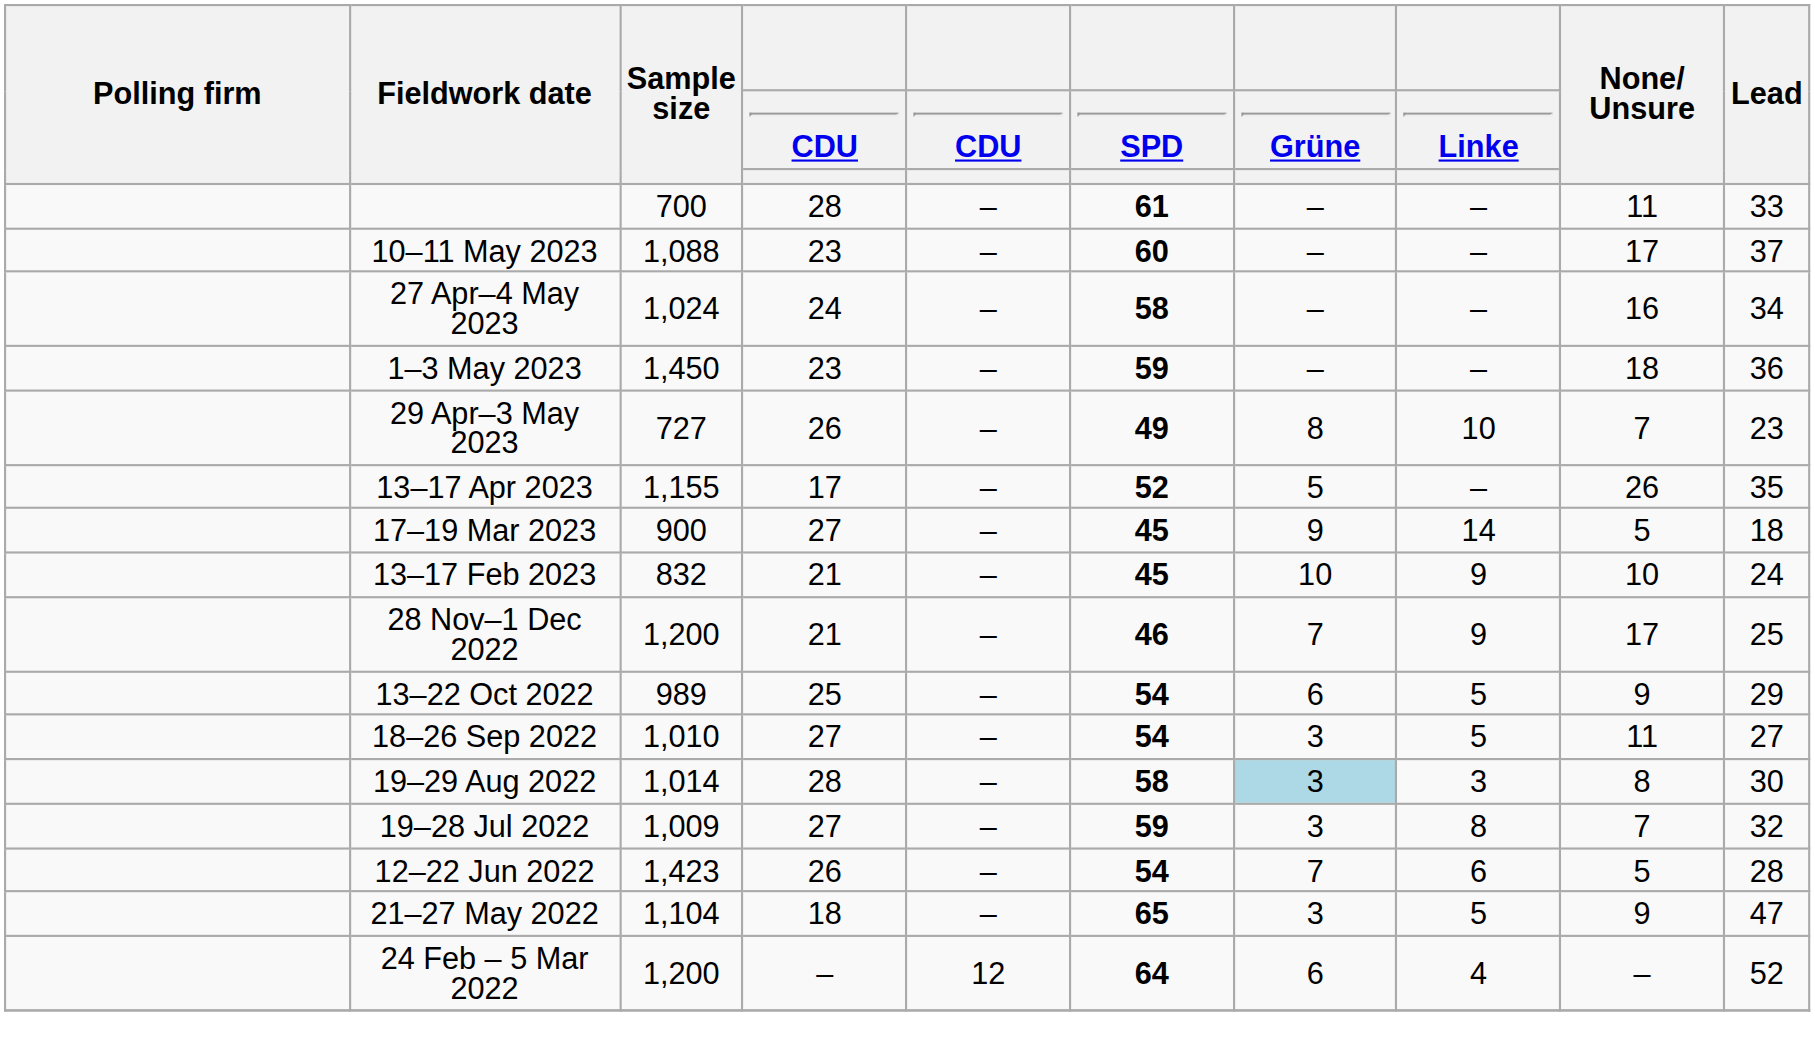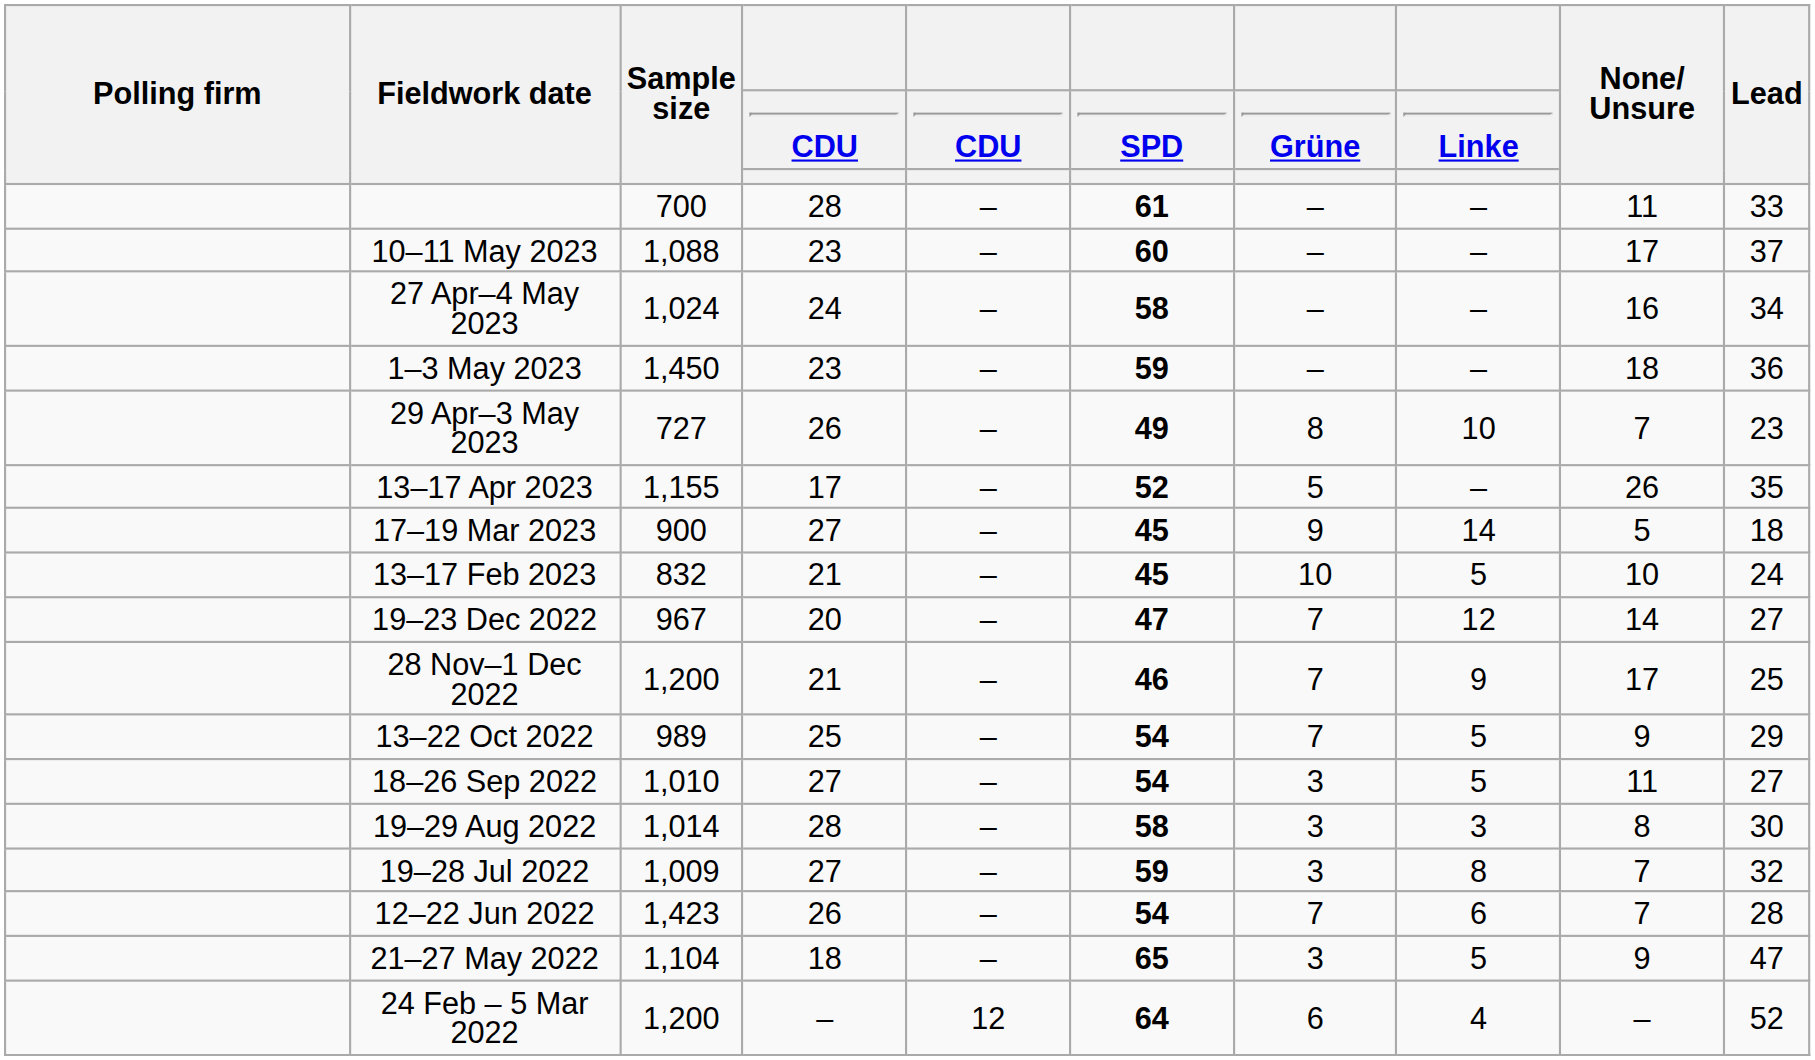 <table class="wikitable sortable" style="text-align:center;font-size:90%;line-height:14px;">
 <tr style="height:40px;">
 <th style="width:155px;" rowspan="3">Polling firm</th>
 <th style="width:120px;" rowspan="3">Fieldwork date</th>
 <th style="width:35px;" rowspan="3">Sample<br>size</th>
 <th class="unsortable" style="width:70px;"></th>
 <th class="unsortable" style="width:70px;"></th>
 <th class="unsortable" style="width:70px;"></th>
 <th class="unsortable" style="width:70px;"></th>
 <th class="unsortable" style="width:70px;"></th>
 <th class="unsortable" style="width:70px;" rowspan="3">None/<br>Unsure</th>
 <th style="width:30px;" rowspan="3">Lead</th>
 </tr>
 <tr>
 <th class="unsortable" style="width:40px;"><hr><a href='#'>CDU</a></th>
 <th class="unsortable" style="width:40px;"><hr><a href='#'>CDU</a></th>
 <th class="unsortable" style="width:40px;"><hr><a href='#'>SPD</a></th>
 <th class="unsortable" style="width:40px;"><hr><a href='#'>Grüne</a></th>
 <th class="unsortable" style="width:40px;"><hr><a href='#'>Linke</a></th>
 </tr>
 <tr>
 <th style="background:"></th>
 <th style="background:"></th>
 <th style="background:"></th>
 <th style="background:"></th>
 <th style="background:"></th>
 </tr>
 <tr>
 <td></td>
 <td></td>
 <td>700</td>
 <td>28</td>
 <td>–</td>
 <td><strong>61</strong></td>
 <td>–</td>
 <td>–</td>
 <td>11</td>
 <td style="background:">33</td>
 </tr>
 <tr>
 <td></td>
 <td data-sort-value="2023-05-11">10–11 May 2023</td>
 <td>1,088</td>
 <td>23</td>
 <td>–</td>
 <td><strong>60</strong></td>
 <td>–</td>
 <td>–</td>
 <td>17</td>
 <td style="background:">37</td>
 </tr>
 <tr>
 <td></td>
 <td data-sort-value="2023-05-04">27 Apr–4 May 2023</td>
 <td>1,024</td>
 <td>24</td>
 <td>–</td>
 <td><strong>58</strong></td>
 <td>–</td>
 <td>–</td>
 <td>16</td>
 <td style="background:">34</td>
 </tr>
 <tr>
 <td></td>
 <td data-sort-value="2023-05-03">1–3 May 2023</td>
 <td>1,450</td>
 <td>23</td>
 <td>–</td>
 <td><strong>59</strong></td>
 <td>–</td>
 <td>–</td>
 <td>18</td>
 <td style="background:">36</td>
 </tr>
 <tr>
 <td></td>
 <td data-sort-value="2023-05-03">29 Apr–3 May 2023</td>
 <td>727</td>
 <td>26</td>
 <td>–</td>
 <td><strong>49</strong></td>
 <td>8</td>
 <td>10</td>
 <td>7</td>
 <td style="background:">23</td>
 </tr>
 <tr>
 <td></td>
 <td data-sort-value="2023-04-17">13–17 Apr 2023</td>
 <td>1,155</td>
 <td>17</td>
 <td>–</td>
 <td><strong>52</strong></td>
 <td>5</td>
 <td>–</td>
 <td>26</td>
 <td style="background:">35</td>
 </tr>
 <tr>
 <td></td>
 <td data-sort-value="2023-02-19">17–19 Mar 2023</td>
 <td>900</td>
 <td>27</td>
 <td>–</td>
 <td><strong>45</strong></td>
 <td>9</td>
 <td>14</td>
 <td>5</td>
 <td style="background:">18</td>
 </tr>
 <tr>
 <td></td>
 <td data-sort-value="2023-02-17">13–17 Feb 2023</td>
 <td>832</td>
 <td>21</td>
 <td>–</td>
 <td><strong>45</strong></td>
 <td>10</td>
-<td>9</td>
+<td>5</td>
 <td>10</td>
 <td style="background:">24</td>
+</tr>
+<tr>
+<td></td>
+<td data-sort-value="2022-12-23">19–23 Dec 2022</td>
+<td>967</td>
+<td>20</td>
+<td>–</td>
+<td><strong>47</strong></td>
+<td>7</td>
+<td>12</td>
+<td>14</td>
+<td style="background:">27</td>
 </tr>
 <tr>
 <td></td>
 <td data-sort-value="2022-12-01">28 Nov–1 Dec 2022</td>
 <td>1,200</td>
 <td>21</td>
 <td>–</td>
 <td><strong>46</strong></td>
 <td>7</td>
 <td>9</td>
 <td>17</td>
 <td style="background:">25</td>
 </tr>
 <tr>
 <td></td>
 <td data-sort-value="2022-10-22">13–22 Oct 2022</td>
 <td>989</td>
 <td>25</td>
 <td>–</td>
 <td><strong>54</strong></td>
-<td>6</td>
+<td>7</td>
 <td>5</td>
 <td>9</td>
 <td style="background:">29</td>
 </tr>
 <tr>
 <td></td>
 <td data-sort-value="2022-09-26">18–26 Sep 2022</td>
 <td>1,010</td>
 <td>27</td>
 <td>–</td>
 <td><strong>54</strong></td>
 <td>3</td>
 <td>5</td>
 <td>11</td>
 <td style="background:">27</td>
 </tr>
 <tr>
 <td></td>
 <td data-sort-value="2022-08-29">19–29 Aug 2022</td>
 <td>1,014</td>
 <td>28</td>
 <td>–</td>
 <td><strong>58</strong></td>
-<td style="background: lightblue;">3</td>
+<td>3</td>
 <td>3</td>
 <td>8</td>
 <td style="background:">30</td>
 </tr>
 <tr>
 <td></td>
 <td data-sort-value="2022-07-28">19–28 Jul 2022</td>
 <td>1,009</td>
 <td>27</td>
 <td>–</td>
 <td><strong>59</strong></td>
 <td>3</td>
 <td>8</td>
 <td>7</td>
 <td style="background:">32</td>
 </tr>
 <tr>
 <td></td>
 <td data-sort-value="2022-06-22">12–22 Jun 2022</td>
 <td>1,423</td>
 <td>26</td>
 <td>–</td>
 <td><strong>54</strong></td>
 <td>7</td>
 <td>6</td>
-<td>5</td>
+<td>7</td>
 <td style="background:">28</td>
 </tr>
 <tr>
 <td></td>
 <td data-sort-value="2022-05-27">21–27 May 2022</td>
 <td>1,104</td>
 <td>18</td>
 <td>–</td>
 <td><strong>65</strong></td>
 <td>3</td>
 <td>5</td>
 <td>9</td>
 <td style="background:">47</td>
 </tr>
 <tr>
 <td></td>
 <td data-sort-value="2022-03-05">24 Feb – 5 Mar 2022</td>
 <td>1,200</td>
 <td>–</td>
 <td>12</td>
 <td><strong>64</strong></td>
 <td>6</td>
 <td>4</td>
 <td>–</td>
 <td style="background:">52</td>
 </tr>
 <tr>
 </tr>
 </table>
